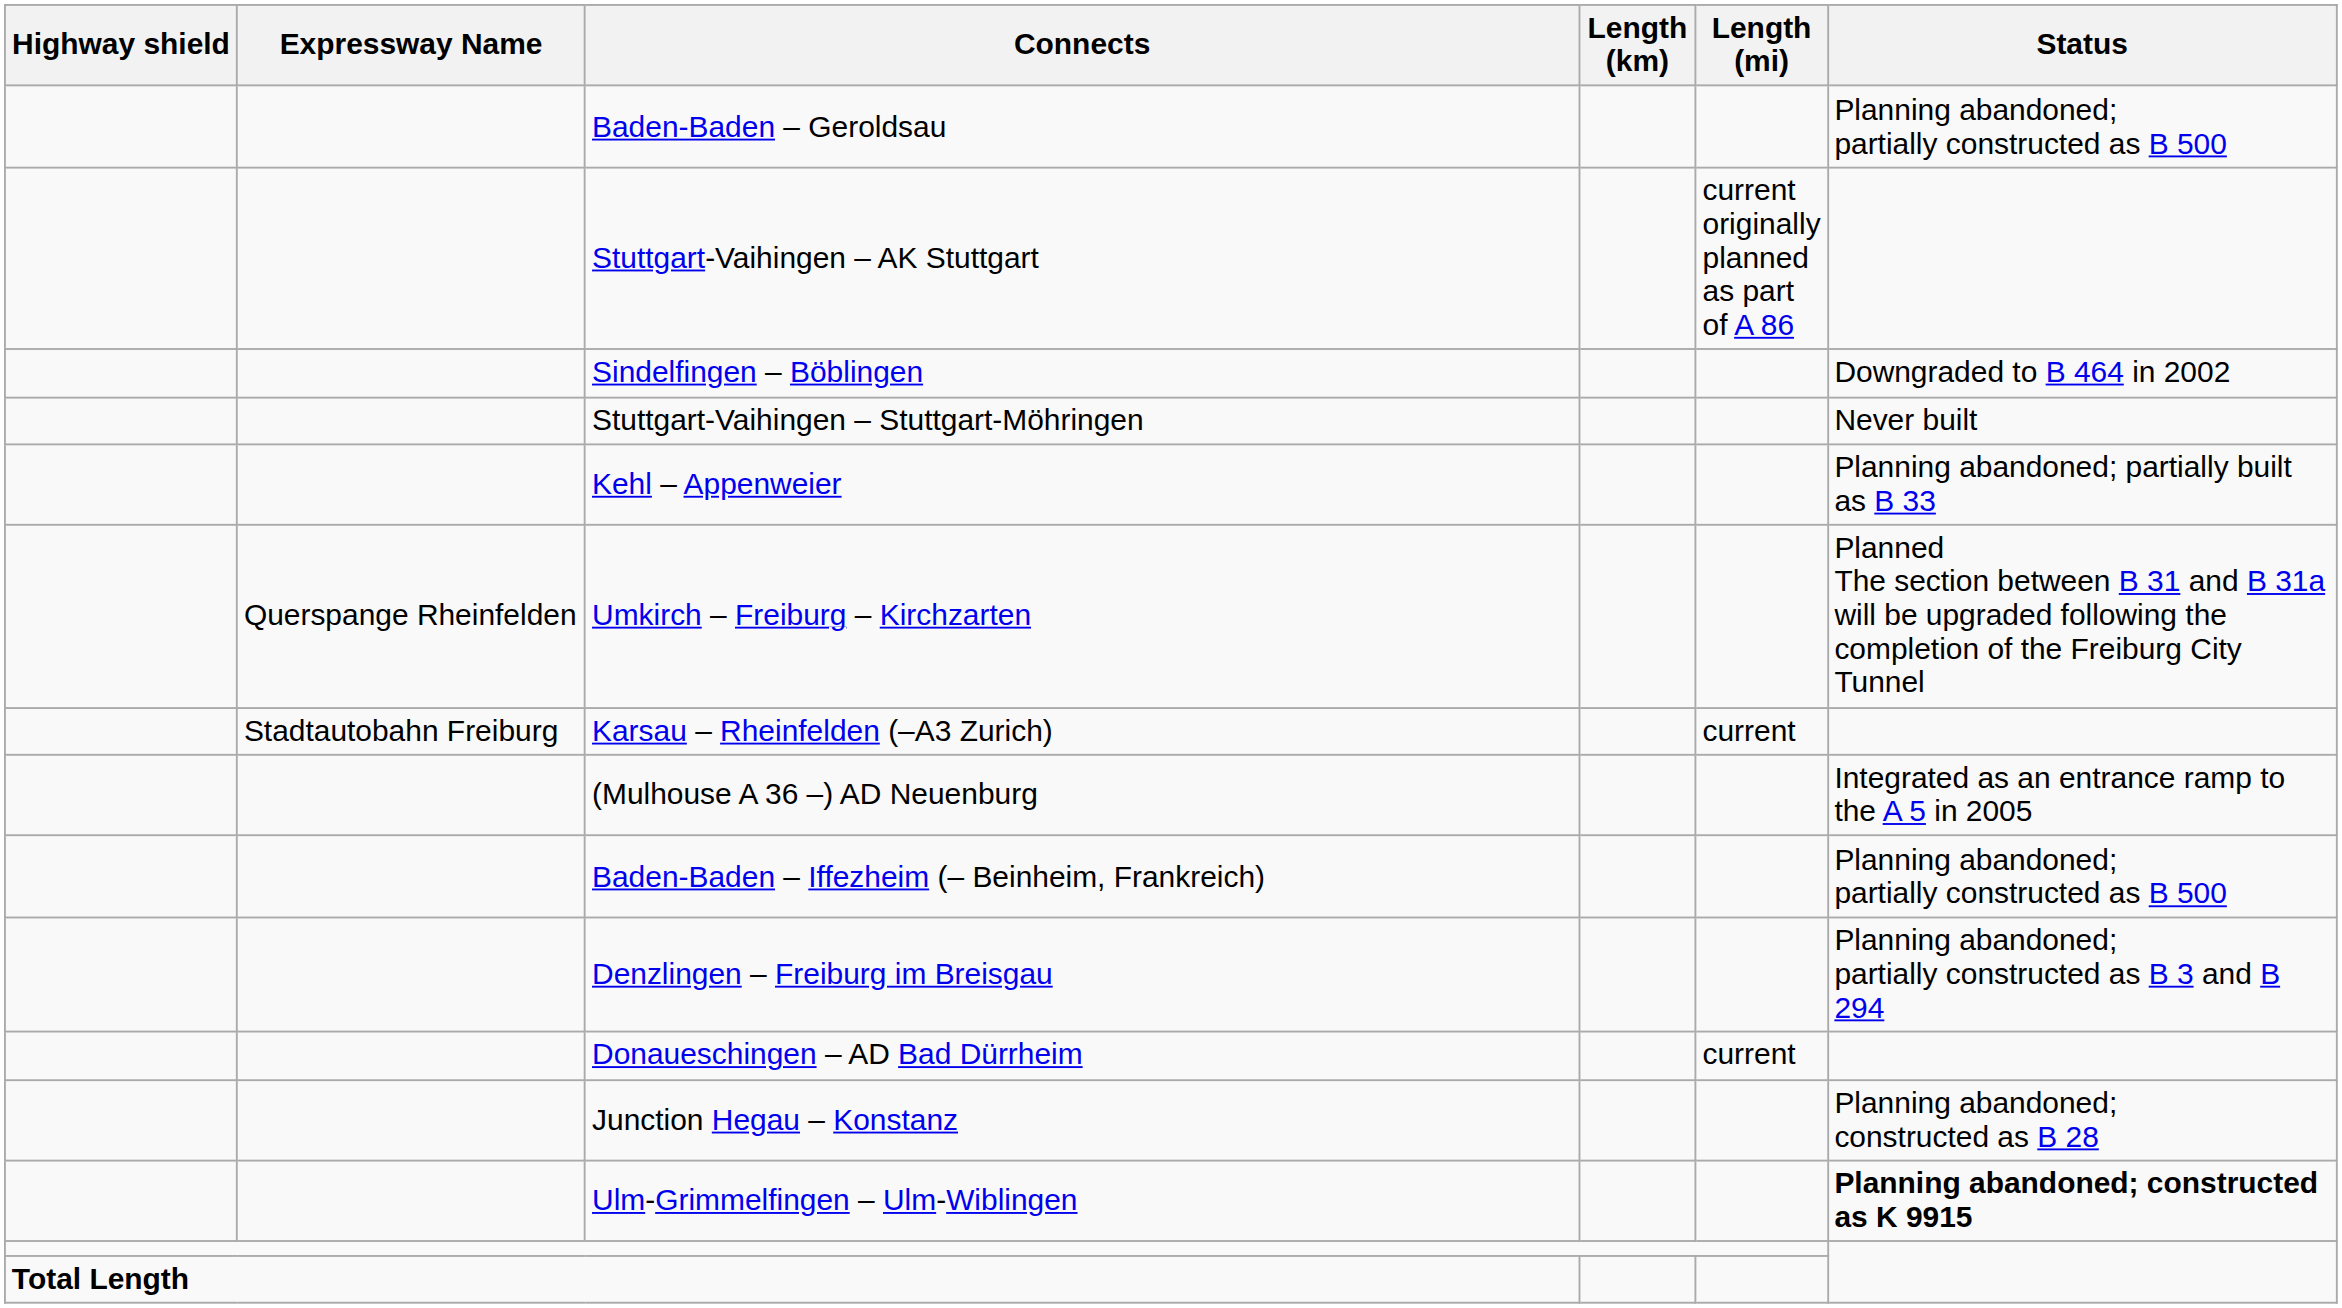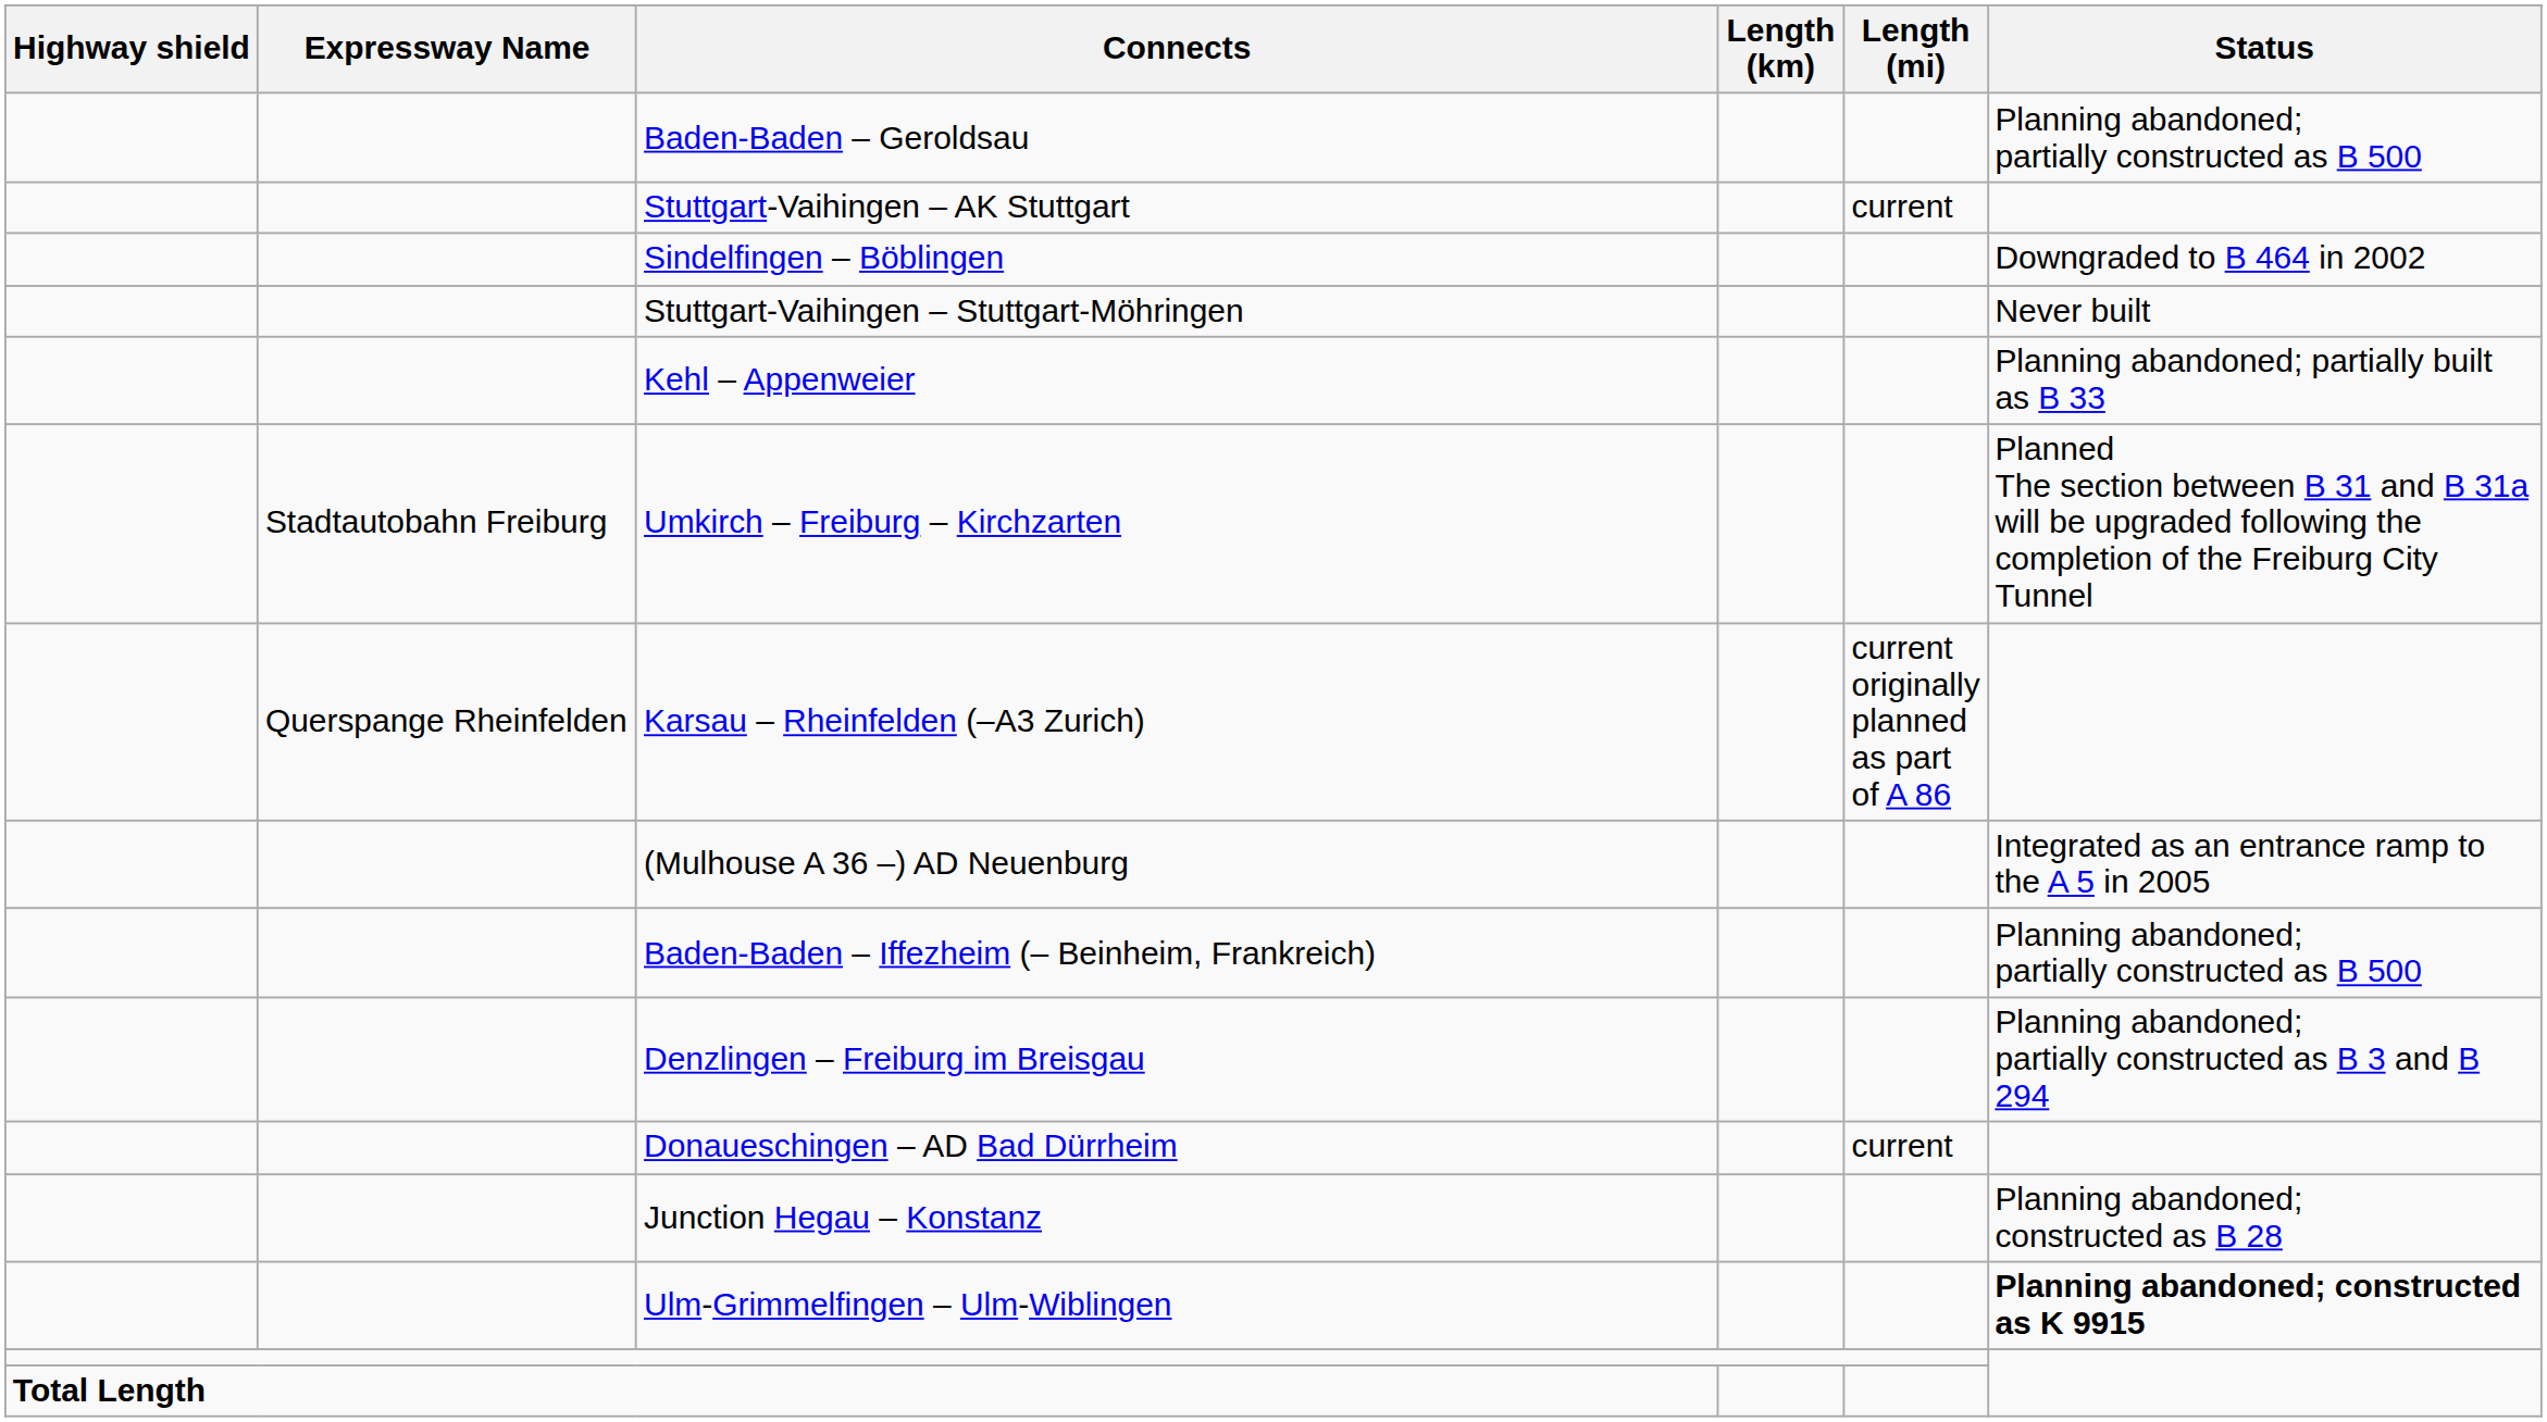 <table class="wikitable">
 <tr>
 <th style="width:10%;">Highway shield</th>
 <th style="width:15%;">Expressway Name</th>
 <th style="width:43%;">Connects</th>
 <th style="width:5%;">Length<br>(km)</th>
 <th style="width:5%;">Length<br>(mi)</th>
 <th style="width:25%;">Status<br></th>
 </tr>
 <tr>
 <td></td>
 <td></td>
 <td><a href='#'>Baden-Baden</a> – Geroldsau</td>
 <td></td>
 <td></td>
 <td>Planning abandoned;<br>partially constructed as <a href='#'>B 500</a><br></td>
 </tr>
 <tr>
 <td></td>
 <td></td>
 <td><a href='#'>Stuttgart</a>-Vaihingen – AK Stuttgart</td>
 <td></td>
-<td>current<br>originally planned as part of <a href='#'>A 86</a><br></td>
+<td>current<br></td>
 </tr>
 <tr>
 <td></td>
 <td></td>
 <td><a href='#'>Sindelfingen</a> – <a href='#'>Böblingen</a></td>
 <td></td>
 <td></td>
 <td>Downgraded to <a href='#'>B 464</a> in 2002<br></td>
 </tr>
 <tr>
 <td></td>
 <td></td>
 <td>Stuttgart-Vaihingen – Stuttgart-Möhringen</td>
 <td></td>
 <td></td>
 <td>Never built<br></td>
 </tr>
 <tr>
 <td></td>
 <td></td>
 <td><a href='#'>Kehl</a> – <a href='#'>Appenweier</a></td>
 <td></td>
 <td></td>
 <td>Planning abandoned; partially built as <a href='#'>B 33</a><br></td>
 </tr>
 <tr>
 <td></td>
-<td>Querspange Rheinfelden</td>
+<td>Stadtautobahn Freiburg</td>
 <td><a href='#'>Umkirch</a> – <a href='#'>Freiburg</a> – <a href='#'>Kirchzarten</a></td>
 <td></td>
 <td></td>
 <td>Planned<br>The section between <a href='#'>B 31</a> and <a href='#'>B 31a</a> will be upgraded following the completion of the Freiburg City Tunnel </td>
 </tr>
 <tr>
 <td></td>
-<td>Stadtautobahn Freiburg</td>
+<td>Querspange Rheinfelden</td>
 <td><a href='#'>Karsau</a> – <a href='#'>Rheinfelden</a> (–A3 Zurich)</td>
 <td></td>
-<td>current<br></td>
+<td>current<br>originally planned as part of <a href='#'>A 86</a><br></td>
 </tr>
 <tr>
 <td></td>
 <td></td>
 <td>(Mulhouse A 36 –) AD Neuenburg</td>
 <td></td>
 <td></td>
 <td>Integrated as an entrance ramp to the <a href='#'>A 5</a> in 2005<br></td>
 </tr>
 <tr>
 <td></td>
 <td></td>
 <td><a href='#'>Baden-Baden</a> – <a href='#'>Iffezheim</a> (– Beinheim, Frankreich)</td>
 <td></td>
 <td></td>
 <td>Planning abandoned;<br>partially constructed as <a href='#'>B 500</a><br></td>
 </tr>
 <tr>
 <td></td>
 <td></td>
 <td><a href='#'>Denzlingen</a> – <a href='#'>Freiburg im Breisgau</a></td>
 <td></td>
 <td></td>
 <td>Planning abandoned;<br>partially constructed as <a href='#'>B 3</a> and <a href='#'>B 294</a><br></td>
 </tr>
 <tr>
 <td></td>
 <td></td>
 <td><a href='#'>Donaueschingen</a> – AD <a href='#'>Bad Dürrheim</a></td>
 <td></td>
 <td>current<br></td>
 </tr>
 <tr>
 <td></td>
 <td></td>
 <td>Junction <a href='#'>Hegau</a> – <a href='#'>Konstanz</a></td>
 <td></td>
 <td></td>
 <td>Planning abandoned;<br>constructed as <a href='#'>B 28</a></td>
 </tr>
 <tr>
 <td></td>
 <td></td>
 <td><a href='#'>Ulm</a>-<a href='#'>Grimmelfingen</a> – <a href='#'>Ulm</a>-<a href='#'>Wiblingen</a></td>
 <td></td>
 <td></td>
 <td><strong>Planning abandoned; constructed as K 9915<br></strong></td>
 </tr>
 <tr>
 <td colspan="5"></td>
 </tr>
 <tr style="font-weight:bold;">
 <td colspan="3">Total Length</td>
 <td></td>
 <td colspan="1"></td>
 </tr>
 </table>
